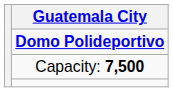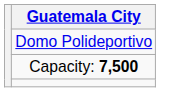 <table class="wikitable" style="text-align:center">
 <tr>
 <th rowspan="4"></th>
 <th><a href='#'>Guatemala City</a></th>
 </tr>
 <tr>
-<td><strong><a href='#'>Domo Polideportivo</a></strong></td>
+<td><a href='#'>Domo Polideportivo</a></td>
 </tr>
 <tr>
 <td>Capacity: <strong>7,500</strong></td>
 </tr>
 <tr>
 <td></td>
 </tr>
 </table>
